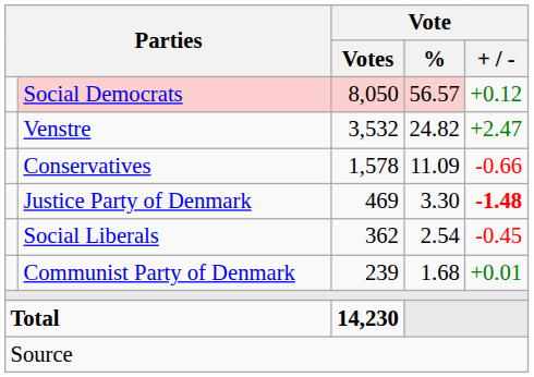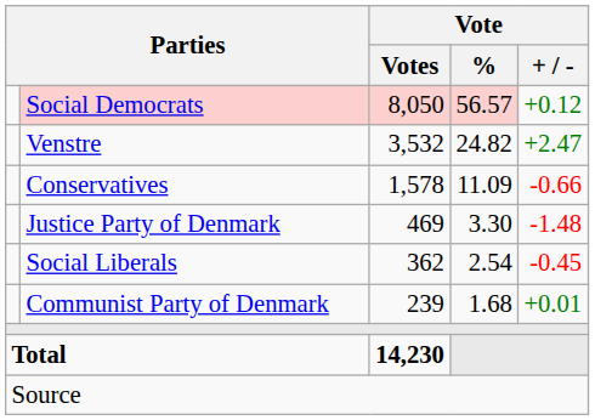 <table class="wikitable" style="text-align:right;">
 <tr>
 <th style="text-align:centre;" rowspan="2" colspan="2" width="225">Parties</th>
 <th colspan="3">Vote</th>
 </tr>
 <tr>
 <th width="15">Votes</th>
 <th width="15">%</th>
 <th width="15">+ / -</th>
 </tr>
 <tr>
 <td width="2" style="color:inherit;background:"></td>
 <td bgcolor=#fbd0ce  align="left"><a href='#'>Social Democrats</a></td>
 <td bgcolor=#fbd0ce>8,050</td>
 <td bgcolor=#fbd0ce>56.57</td>
 <td style=color:green;>+0.12</td>
 </tr>
 <tr>
 <td width="2" style="color:inherit;background:"></td>
 <td align="left"><a href='#'>Venstre</a></td>
 <td>3,532</td>
 <td>24.82</td>
 <td style=color:green;>+2.47</td>
 </tr>
 <tr>
 <td width="2" style="color:inherit;background:"></td>
 <td align="left"><a href='#'>Conservatives</a></td>
 <td>1,578</td>
 <td>11.09</td>
 <td style=color:red;>-0.66</td>
 </tr>
 <tr>
 <td width="2" style="color:inherit;background:"></td>
 <td align="left"><a href='#'>Justice Party of Denmark</a></td>
 <td>469</td>
 <td>3.30</td>
-<td style=color:red;><strong>-1.48</strong></td>
+<td style=color:red;>-1.48</td>
 </tr>
 <tr>
 <td width="2" style="color:inherit;background:"></td>
 <td align="left"><a href='#'>Social Liberals</a></td>
 <td>362</td>
 <td>2.54</td>
 <td style=color:red;>-0.45</td>
 </tr>
 <tr>
 <td width="2" style="color:inherit;background:"></td>
 <td align="left"><a href='#'>Communist Party of Denmark</a></td>
 <td>239</td>
 <td>1.68</td>
 <td style=color:green;>+0.01</td>
 </tr>
 <tr>
 <td colspan="7" bgcolor="#E9E9E9"></td>
 </tr>
 <tr>
 <td align="left" colspan="2"><strong>Total</strong></td>
 <td><strong>14,230</strong></td>
 <td bgcolor="#E9E9E9" colspan="2"></td>
 </tr>
 <tr>
 <td align="left" colspan="6">Source</td>
 </tr>
 </table>
